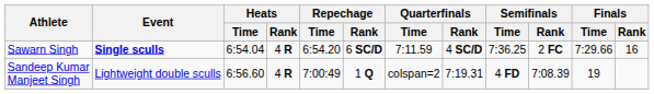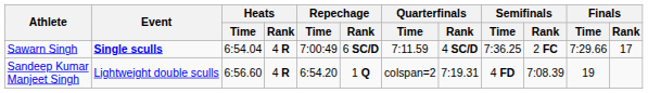 <table class="wikitable" style="font-size:90%">
 <tr>
 <th rowspan="2">Athlete</th>
 <th rowspan="2">Event</th>
 <th colspan="2">Heats</th>
 <th colspan="2">Repechage</th>
 <th colspan="2">Quarterfinals</th>
 <th colspan="2">Semifinals</th>
 <th colspan="2">Finals</th>
 </tr>
 <tr style="font-size:100%">
 <th>Time</th>
 <th>Rank</th>
 <th>Time</th>
 <th>Rank</th>
 <th>Time</th>
 <th>Rank</th>
 <th>Time</th>
 <th>Rank</th>
 <th>Time</th>
 <th>Rank</th>
 </tr>
 <tr align=center>
 <td align=left><a href='#'>Sawarn Singh</a></td>
 <td align=left><strong><a href='#'>Single sculls</a></strong></td>
 <td>6:54.04</td>
 <td>4 <strong>R</strong></td>
-<td>6:54.20</td>
+<td>7:00:49</td>
 <td>6 <strong>SC/D</strong></td>
 <td>7:11.59</td>
 <td>4 <strong>SC/D</strong></td>
 <td>7:36.25</td>
 <td>2 <strong>FC</strong></td>
 <td>7:29.66</td>
-<td>16</td>
+<td>17</td>
 </tr>
 <tr align=center>
 <td align=left><a href='#'>Sandeep Kumar</a><br><a href='#'>Manjeet Singh</a></td>
 <td align=left><a href='#'>Lightweight double sculls</a></td>
 <td>6:56.60</td>
 <td>4 <strong>R</strong></td>
-<td>7:00:49</td>
+<td>6:54.20</td>
 <td>1 <strong>Q</strong></td>
 <td>colspan=2 </td>
 <td>7:19.31</td>
 <td>4 <strong>FD</strong></td>
 <td>7:08.39</td>
 <td>19</td>
 </tr>
 </table>
